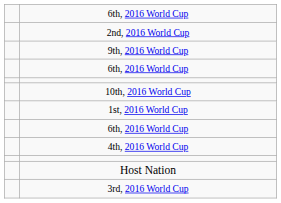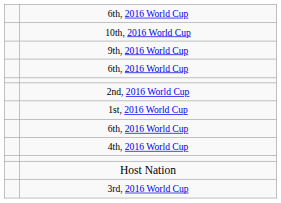 <table class="wikitable" width=30%>
 <tr align=center>
 <td></td>
 <td><small>6th, <a href='#'>2016 World Cup</a></small></td>
 </tr>
 <tr align=center>
 <td></td>
-<td><small>2nd,  <a href='#'>2016 World Cup</a></small></td>
+<td><small>10th, <a href='#'>2016 World Cup</a></small></td>
 </tr>
 <tr align=center>
 <td></td>
 <td><small>9th, <a href='#'>2016 World Cup</a></small></td>
 </tr>
 <tr align=center>
 <td></td>
 <td><small>6th, <a href='#'>2016 World Cup</a></small></td>
 </tr>
 <tr align=center>
 <td></td>
 <td></td>
 </tr>
 <tr align=center>
 <td></td>
-<td><small>10th, <a href='#'>2016 World Cup</a></small></td>
+<td><small>2nd,  <a href='#'>2016 World Cup</a></small></td>
 </tr>
 <tr align=center>
 <td></td>
 <td><small>1st,  <a href='#'>2016 World Cup</a></small></td>
 </tr>
 <tr align=center>
 <td></td>
 <td><small>6th, <a href='#'>2016 World Cup</a></small></td>
 </tr>
 <tr align=center>
 <td></td>
 <td><small>4th, <a href='#'>2016 World Cup</a></small></td>
 </tr>
 <tr align=center>
 <td></td>
 <td></td>
 </tr>
 <tr align=center>
 <td></td>
 <td>Host Nation</td>
 </tr>
 <tr align=center>
 <td></td>
 <td><small> 3rd,  <a href='#'>2016 World Cup</a> </small></td>
 </tr>
 </table>
